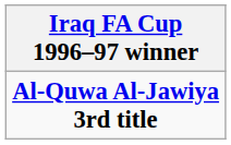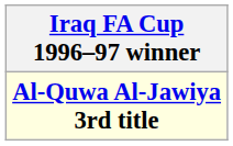 <table class="wikitable" style="text-align: center; margin: 0 auto;">
 <tr>
 <th><a href='#'>Iraq FA Cup</a><br>1996–97 winner</th>
 </tr>
 <tr>
-<td><strong><a href='#'>Al-Quwa Al-Jawiya</a></strong><br><strong>3rd title</strong></td>
+<td style="background: lightyellow;"><strong><a href='#'>Al-Quwa Al-Jawiya</a></strong><br><strong>3rd title</strong></td>
 </tr>
 </table>
